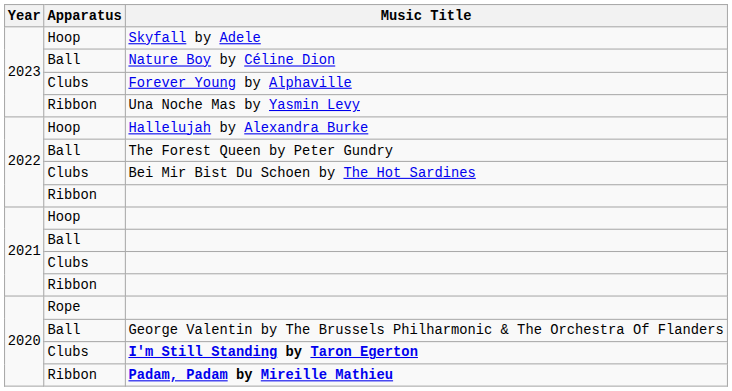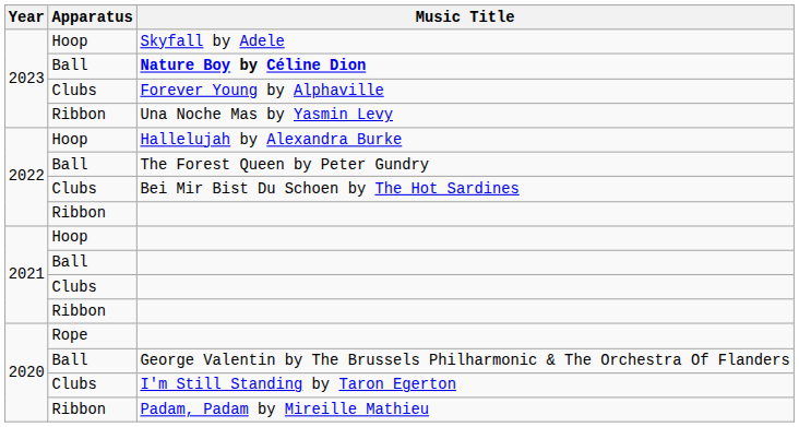 <table class="wikitable">
 <tr>
 <th>Year</th>
 <th>Apparatus</th>
 <th>Music Title</th>
 </tr>
 <tr>
 <td rowspan="4">2023</td>
 <td>Hoop</td>
 <td><a href='#'>Skyfall</a> by <a href='#'>Adele</a></td>
 </tr>
 <tr>
 <td>Ball</td>
-<td><a href='#'>Nature Boy</a> by  <a href='#'>Céline Dion</a></td>
+<td><strong><a href='#'>Nature Boy</a> by  <a href='#'>Céline Dion</a></strong></td>
 </tr>
 <tr>
 <td>Clubs</td>
 <td><a href='#'>Forever Young</a> by <a href='#'>Alphaville</a></td>
 </tr>
 <tr>
 <td>Ribbon</td>
 <td>Una Noche Mas by  <a href='#'>Yasmin Levy</a></td>
 </tr>
 <tr>
 <td rowspan="4">2022</td>
 <td>Hoop</td>
 <td><a href='#'>Hallelujah</a> by <a href='#'>Alexandra Burke</a></td>
 </tr>
 <tr>
 <td>Ball</td>
 <td>The Forest Queen by Peter Gundry</td>
 </tr>
 <tr>
 <td>Clubs</td>
 <td>Bei Mir Bist Du Schoen by <a href='#'>The Hot Sardines</a></td>
 </tr>
 <tr>
 <td>Ribbon</td>
 <td></td>
 </tr>
 <tr>
 <td rowspan="4">2021</td>
 <td>Hoop</td>
 <td></td>
 </tr>
 <tr>
 <td>Ball</td>
 <td></td>
 </tr>
 <tr>
 <td>Clubs</td>
 <td></td>
 </tr>
 <tr>
 <td>Ribbon</td>
 <td></td>
 </tr>
 <tr>
 <td rowspan="4">2020</td>
 <td>Rope</td>
 <td></td>
 </tr>
 <tr>
 <td>Ball</td>
 <td>George Valentin by The Brussels Philharmonic & The Orchestra Of Flanders</td>
 </tr>
 <tr>
 <td>Clubs</td>
-<td><strong><a href='#'>I'm Still Standing</a> by <a href='#'>Taron Egerton</a></strong></td>
+<td><a href='#'>I'm Still Standing</a> by <a href='#'>Taron Egerton</a></td>
 </tr>
 <tr>
 <td>Ribbon</td>
-<td><strong><a href='#'>Padam, Padam</a> by <a href='#'>Mireille Mathieu</a></strong></td>
+<td><a href='#'>Padam, Padam</a> by <a href='#'>Mireille Mathieu</a></td>
 </tr>
 </table>
